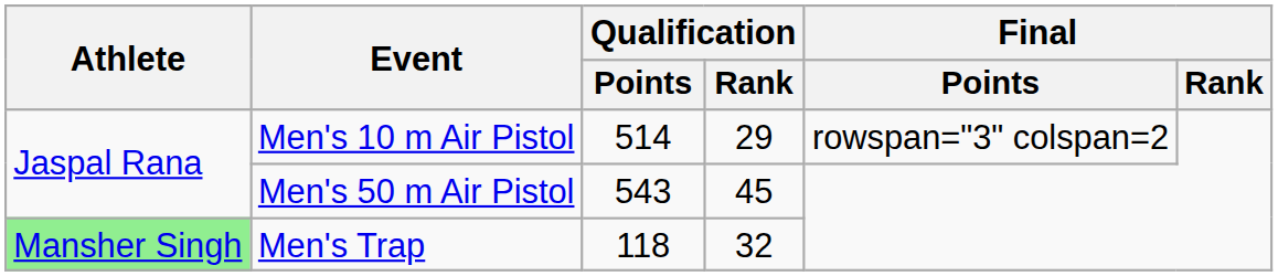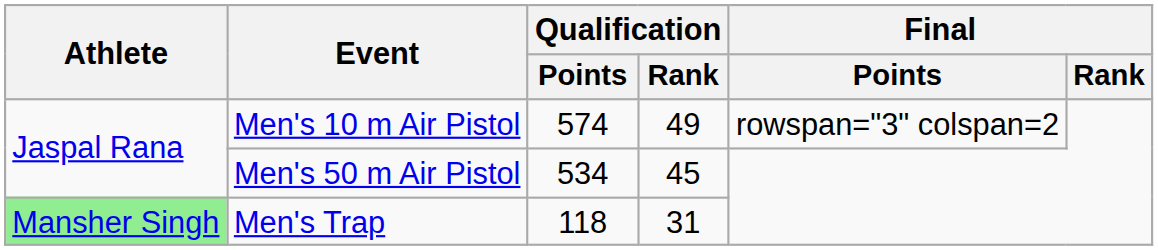 <table class="wikitable" style="font-size:90%">
 <tr>
 <th rowspan="2">Athlete</th>
 <th rowspan="2">Event</th>
 <th colspan=2>Qualification</th>
 <th colspan=2>Final</th>
 </tr>
 <tr style="font-size:95%">
 <th>Points</th>
 <th>Rank</th>
 <th>Points</th>
 <th>Rank</th>
 </tr>
 <tr align=center>
 <td align=left rowspan="2"><a href='#'>Jaspal Rana</a></td>
 <td align=left><a href='#'>Men's 10 m Air Pistol</a></td>
-<td>514</td>
-<td>29</td>
+<td>574</td>
+<td>49</td>
 <td>rowspan="3" colspan=2 </td>
 </tr>
 <tr align=center>
 <td align=left><a href='#'>Men's 50 m Air Pistol</a></td>
-<td>543</td>
+<td>534</td>
 <td>45</td>
 </tr>
 <tr align=center>
 <td align=left style="background: lightgreen;"><a href='#'>Mansher Singh</a></td>
 <td align=left><a href='#'>Men's Trap</a></td>
 <td>118</td>
-<td>32</td>
+<td>31</td>
 </tr>
 </table>
